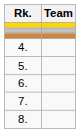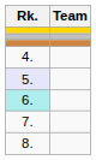 <table class="wikitable" style="border:1px solid #AAAAAA;font-size:90%">
 <tr bgcolor="#E4E4E4">
 <th style="border-bottom:1px solid #AAAAAA" width=40>Rk.</th>
 <th style="border-bottom:1px solid #AAAAAA">Team</th>
 </tr>
 <tr style="background:#ffd700;">
 <td align=center></td>
 <td></td>
 </tr>
 <tr style="background:#c0c0c0;">
 <td align=center></td>
 <td></td>
 </tr>
 <tr style="background:#CD853F;">
 <td align=center></td>
 <td></td>
 </tr>
 <tr>
 <td align=center>4.</td>
 <td></td>
 </tr>
 <tr>
-<td align=center>5.</td>
+<td align=center style="background: lavender;">5.</td>
 <td></td>
 </tr>
 <tr>
-<td align=center>6.</td>
+<td align=center style="background: paleturquoise;">6.</td>
 <td></td>
 </tr>
 <tr>
 <td align=center>7.</td>
 <td></td>
 </tr>
 <tr>
 <td align=center>8.</td>
 <td></td>
 </tr>
 </table>
